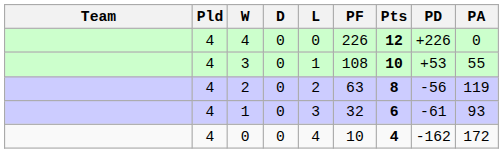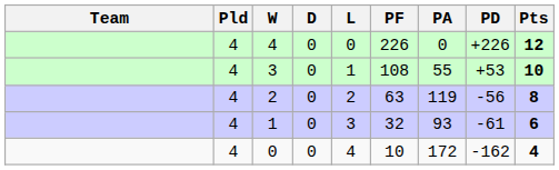 <table class="wikitable" style="text-align:center;">
 <tr>
 <th width=160>Team</th>
 <th width=25 abbr="Played">Pld</th>
 <th width=25 abbr="Won">W</th>
 <th width=25 abbr="Drawn">D</th>
 <th width=25 abbr="Lost">L</th>
 <th width=32 abbr="Points for">PF</th>
+<th width=32 abbr="Points against">PA</th>
+<th width=32 abbr="Points difference">PD</th>
 <th width=25 abbr="Points">Pts</th>
-<th width=32 abbr="Points difference">PD</th>
-<th width=32 abbr="Points against">PA</th>
 </tr>
 <tr bgcolor=ccffcc>
 <td align=left></td>
 <td>4</td>
 <td>4</td>
 <td>0</td>
 <td>0</td>
 <td>226</td>
+<td>0</td>
+<td>+226</td>
 <td><strong>12</strong></td>
-<td>+226</td>
-<td>0</td>
 </tr>
 <tr bgcolor=ccffcc>
 <td align=left></td>
 <td>4</td>
 <td>3</td>
 <td>0</td>
 <td>1</td>
 <td>108</td>
+<td>55</td>
+<td>+53</td>
 <td><strong>10</strong></td>
-<td>+53</td>
-<td>55</td>
 </tr>
 <tr bgcolor=ccccff>
 <td align=left></td>
 <td>4</td>
 <td>2</td>
 <td>0</td>
 <td>2</td>
 <td>63</td>
+<td>119</td>
+<td>-56</td>
 <td><strong>8</strong></td>
-<td>-56</td>
-<td>119</td>
 </tr>
 <tr bgcolor=ccccff>
 <td align=left></td>
 <td>4</td>
 <td>1</td>
 <td>0</td>
 <td>3</td>
 <td>32</td>
+<td>93</td>
+<td>-61</td>
 <td><strong>6</strong></td>
-<td>-61</td>
-<td>93</td>
 </tr>
 <tr>
 <td align=left></td>
 <td>4</td>
 <td>0</td>
 <td>0</td>
 <td>4</td>
 <td>10</td>
+<td>172</td>
+<td>-162</td>
 <td><strong>4</strong></td>
-<td>-162</td>
-<td>172</td>
 </tr>
 </table>
